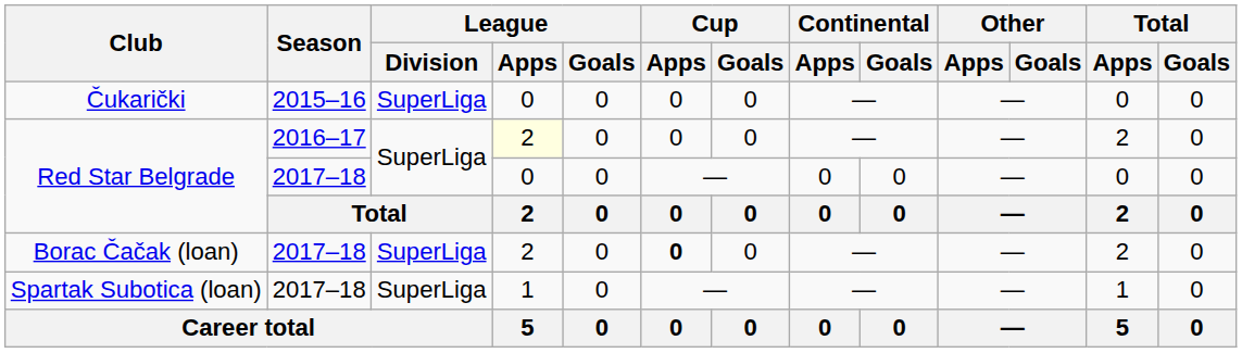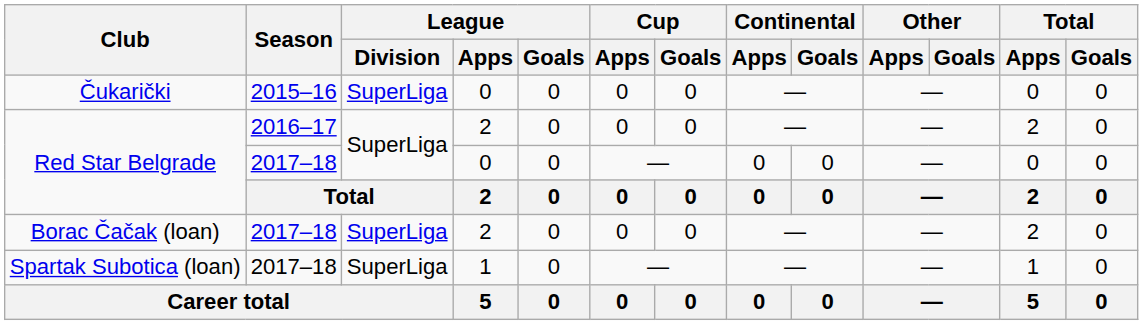 <table class="wikitable" style="text-align:center">
 <tr>
 <th rowspan="2">Club</th>
 <th rowspan="2">Season</th>
 <th colspan="3">League</th>
 <th colspan="2">Cup</th>
 <th colspan="2">Continental</th>
 <th colspan="2">Other</th>
 <th colspan="2">Total</th>
 </tr>
 <tr>
 <th>Division</th>
 <th>Apps</th>
 <th>Goals</th>
 <th>Apps</th>
 <th>Goals</th>
 <th>Apps</th>
 <th>Goals</th>
 <th>Apps</th>
 <th>Goals</th>
 <th>Apps</th>
 <th>Goals</th>
 </tr>
 <tr>
 <td><a href='#'>Čukarički</a></td>
 <td><a href='#'>2015–16</a></td>
 <td><a href='#'>SuperLiga</a></td>
 <td>0</td>
 <td>0</td>
 <td>0</td>
 <td>0</td>
 <td colspan="2">—</td>
 <td colspan="2">—</td>
 <td>0</td>
 <td>0</td>
 </tr>
 <tr>
 <td rowspan="3"><a href='#'>Red Star Belgrade</a></td>
 <td><a href='#'>2016–17</a></td>
 <td rowspan="2">SuperLiga</td>
-<td style="background: lightyellow;">2</td>
+<td>2</td>
 <td>0</td>
 <td>0</td>
 <td>0</td>
 <td colspan="2">—</td>
 <td colspan="2">—</td>
 <td>2</td>
 <td>0</td>
 </tr>
 <tr>
 <td><a href='#'>2017–18</a></td>
 <td>0</td>
 <td>0</td>
 <td colspan="2">—</td>
 <td>0</td>
 <td>0</td>
 <td colspan="2">—</td>
 <td>0</td>
 <td>0</td>
 </tr>
 <tr>
 <th colspan="2">Total</th>
 <th>2</th>
 <th>0</th>
 <th>0</th>
 <th>0</th>
 <th>0</th>
 <th>0</th>
 <th colspan="2">—</th>
 <th>2</th>
 <th>0</th>
 </tr>
 <tr>
 <td><a href='#'>Borac Čačak</a> (loan)</td>
 <td><a href='#'>2017–18</a></td>
 <td><a href='#'>SuperLiga</a></td>
 <td>2</td>
 <td>0</td>
-<td><strong>0</strong></td>
+<td>0</td>
 <td>0</td>
 <td colspan="2">—</td>
 <td colspan="2">—</td>
 <td>2</td>
 <td>0</td>
 </tr>
 <tr>
 <td><a href='#'>Spartak Subotica</a> (loan)</td>
 <td>2017–18</td>
 <td>SuperLiga</td>
 <td>1</td>
 <td>0</td>
 <td colspan="2">—</td>
 <td colspan="2">—</td>
 <td colspan="2">—</td>
 <td>1</td>
 <td>0</td>
 </tr>
 <tr>
 <th colspan="3">Career total</th>
 <th>5</th>
 <th>0</th>
 <th>0</th>
 <th>0</th>
 <th>0</th>
 <th>0</th>
 <th colspan="2">—</th>
 <th>5</th>
 <th>0</th>
 </tr>
 </table>
